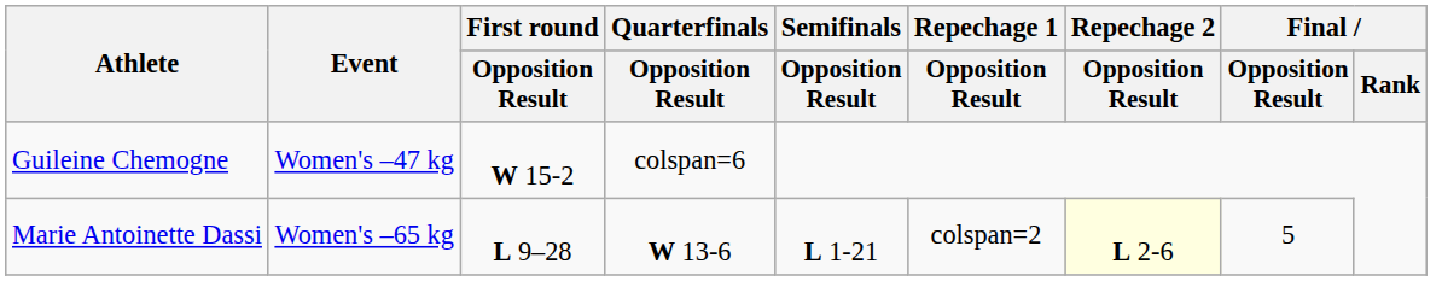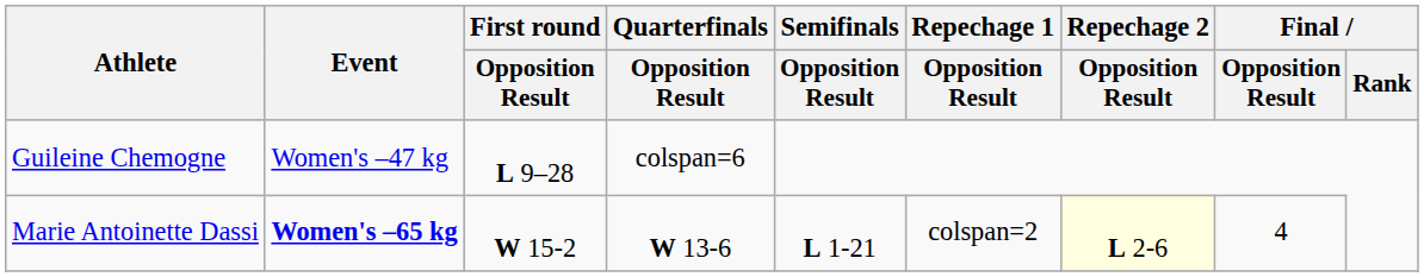 <table class="wikitable" style="font-size:90%;">
 <tr>
 <th rowspan=2>Athlete</th>
 <th rowspan=2>Event</th>
 <th>First round</th>
 <th>Quarterfinals</th>
 <th>Semifinals</th>
 <th>Repechage 1</th>
 <th>Repechage 2</th>
 <th colspan=2>Final / </th>
 </tr>
 <tr style="font-size:95%">
 <th>Opposition<br>Result</th>
 <th>Opposition<br>Result</th>
 <th>Opposition<br>Result</th>
 <th>Opposition<br>Result</th>
 <th>Opposition<br>Result</th>
 <th>Opposition<br>Result</th>
 <th>Rank</th>
 </tr>
 <tr align=center>
 <td align=left><a href='#'>Guileine Chemogne</a></td>
 <td align=left><a href='#'>Women's –47 kg</a></td>
-<td><br><strong>W</strong> 15-2</td>
+<td><br><strong>L</strong> 9–28</td>
 <td>colspan=6 </td>
 </tr>
 <tr align=center>
 <td align=left><a href='#'>Marie Antoinette Dassi</a></td>
-<td align=left><a href='#'>Women's –65 kg</a></td>
-<td><br><strong>L</strong> 9–28</td>
+<td align=left><strong><a href='#'>Women's –65 kg</a></strong></td>
+<td><br><strong>W</strong> 15-2</td>
 <td><br><strong>W</strong> 13-6</td>
 <td><br><strong>L</strong> 1-21</td>
 <td>colspan=2 </td>
 <td style="background: lightyellow;"><br><strong>L</strong> 2-6</td>
-<td>5</td>
+<td>4</td>
 </tr>
 </table>
